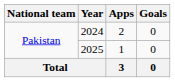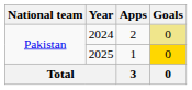 <table class="wikitable" style="text-align:center">
 <tr>
 <th>National team</th>
 <th>Year</th>
 <th>Apps</th>
 <th>Goals</th>
 </tr>
 <tr>
 <td rowspan="2"><a href='#'>Pakistan</a></td>
 <td>2024</td>
 <td>2</td>
-<td>0</td>
+<td style="background: khaki;">0</td>
 </tr>
 <tr>
 <td>2025</td>
 <td>1</td>
-<td>0</td>
+<td style="background: gold;">0</td>
 </tr>
 <tr>
 <th colspan="2">Total</th>
 <th>3</th>
 <th>0</th>
 </tr>
 </table>
